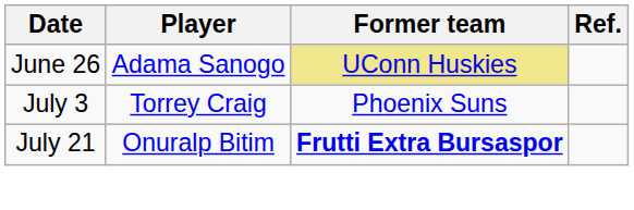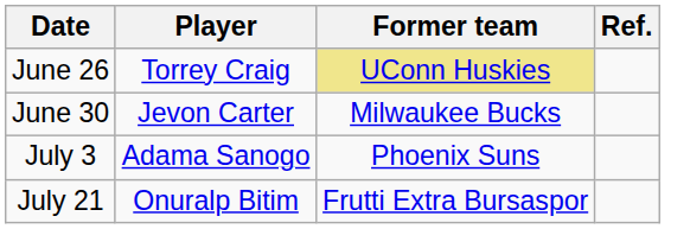 <table class="wikitable sortable" style="text-align:center">
 <tr>
 <th>Date</th>
 <th>Player</th>
 <th>Former team</th>
 <th>Ref.</th>
 </tr>
 <tr>
 <td>June 26</td>
-<td><a href='#'>Adama Sanogo</a></td>
+<td><a href='#'>Torrey Craig</a></td>
 <td style="background: khaki;"><a href='#'>UConn Huskies</a></td>
 <td></td>
 </tr>
 <tr>
+<td>June 30</td>
+<td><a href='#'>Jevon Carter</a></td>
+<td><a href='#'>Milwaukee Bucks</a></td>
+<td></td>
+</tr>
+<tr>
 <td>July 3</td>
-<td><a href='#'>Torrey Craig</a></td>
+<td><a href='#'>Adama Sanogo</a></td>
 <td><a href='#'>Phoenix Suns</a></td>
 <td></td>
 </tr>
 <tr>
 <td>July 21</td>
 <td><a href='#'>Onuralp Bitim</a></td>
-<td><strong><a href='#'>Frutti Extra Bursaspor</a></strong></td>
+<td><a href='#'>Frutti Extra Bursaspor</a></td>
 <td></td>
 </tr>
 </table>
